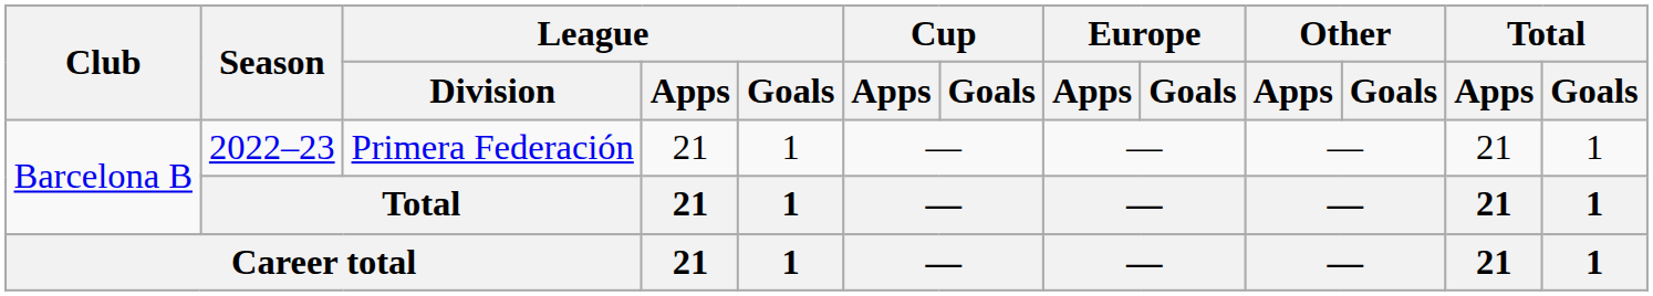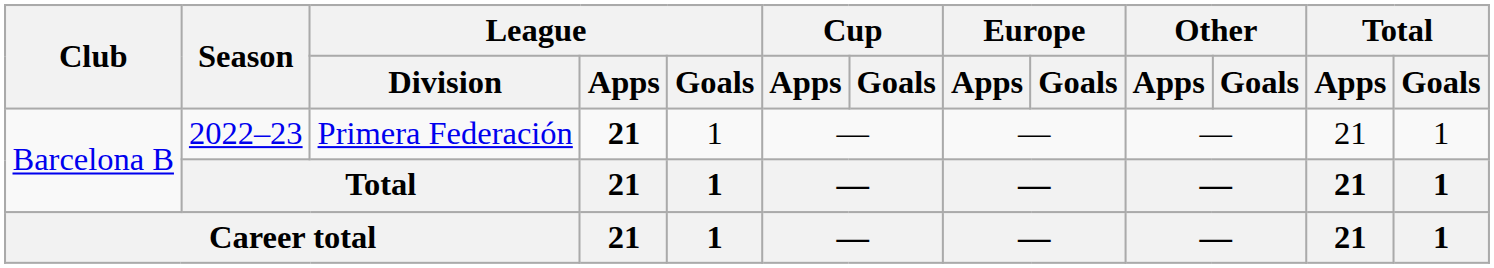 <table class="wikitable" style="text-align: center">
 <tr>
 <th rowspan="2">Club</th>
 <th rowspan="2">Season</th>
 <th colspan="3">League</th>
 <th colspan="2">Cup</th>
 <th colspan="2">Europe</th>
 <th colspan="2">Other</th>
 <th colspan="2">Total</th>
 </tr>
 <tr>
 <th>Division</th>
 <th>Apps</th>
 <th>Goals</th>
 <th>Apps</th>
 <th>Goals</th>
 <th>Apps</th>
 <th>Goals</th>
 <th>Apps</th>
 <th>Goals</th>
 <th>Apps</th>
 <th>Goals</th>
 </tr>
 <tr>
 <td rowspan="2"><a href='#'>Barcelona B</a></td>
 <td><a href='#'>2022–23</a></td>
 <td><a href='#'>Primera Federación</a></td>
-<td>21</td>
+<td><strong>21</strong></td>
 <td>1</td>
 <td colspan="2">—</td>
 <td colspan="2">—</td>
 <td colspan="2">—</td>
 <td>21</td>
 <td>1</td>
 </tr>
 <tr>
 <th colspan="2">Total</th>
 <th>21</th>
 <th>1</th>
 <th colspan="2">—</th>
 <th colspan="2">—</th>
 <th colspan="2">—</th>
 <th>21</th>
 <th>1</th>
 </tr>
 <tr>
 <th colspan="3">Career total</th>
 <th>21</th>
 <th>1</th>
 <th colspan="2">—</th>
 <th colspan="2">—</th>
 <th colspan="2">—</th>
 <th>21</th>
 <th>1</th>
 </tr>
 </table>
